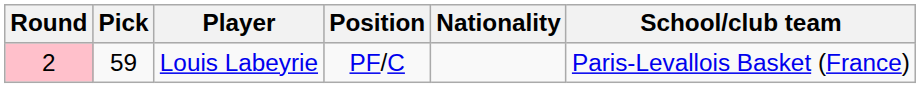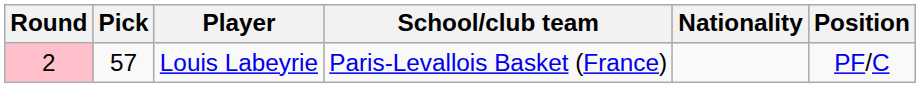 <table class="wikitable sortable sortable">
 <tr>
 <th>Round</th>
 <th>Pick</th>
 <th>Player</th>
+<th>School/club team</th>
+<th>Nationality</th>
 <th>Position</th>
-<th>Nationality</th>
-<th>School/club team</th>
 </tr>
 <tr style="text-align: center">
 <td style="background: pink;">2</td>
-<td>59</td>
+<td>57</td>
 <td><a href='#'>Louis Labeyrie</a></td>
+<td><a href='#'>Paris-Levallois Basket</a> (<a href='#'>France</a>)</td>
+<td></td>
 <td><a href='#'>PF</a>/<a href='#'>C</a></td>
-<td></td>
-<td><a href='#'>Paris-Levallois Basket</a> (<a href='#'>France</a>)</td>
 </tr>
 </table>
